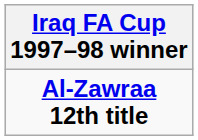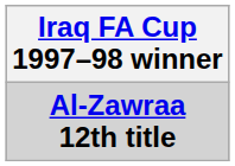 <table class="wikitable" style="text-align: center; margin: 0 auto;">
 <tr>
 <th><a href='#'>Iraq FA Cup</a><br>1997–98 winner</th>
 </tr>
 <tr>
-<td><strong><a href='#'>Al-Zawraa</a></strong><br><strong>12th title</strong></td>
+<td style="background: lightgrey;"><strong><a href='#'>Al-Zawraa</a></strong><br><strong>12th title</strong></td>
 </tr>
 </table>
